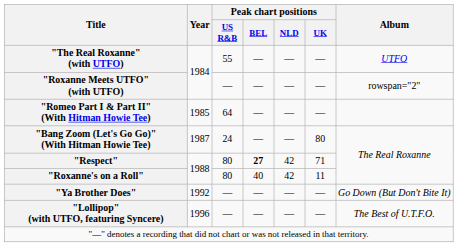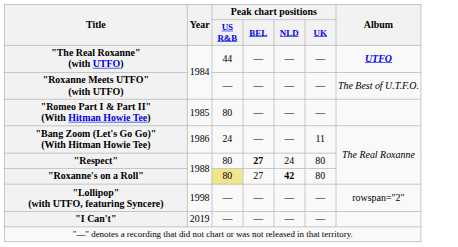 <table class="wikitable plainrowheaders" style="text-align:center;" border="1">
 <tr>
 <th scope="col" rowspan="2" style="width:18em;">Title</th>
 <th scope="col" rowspan="2">Year</th>
 <th scope="col" colspan="4">Peak chart positions</th>
 <th scope="col" rowspan="2">Album</th>
 </tr>
 <tr>
 <th scope="col" style="width:3em;font-size:90%;"><a href='#'>US R&B</a><br></th>
 <th scope="col" style="width:3em;font-size:90%;"><a href='#'>BEL</a><br></th>
 <th scope="col" style="width:3em;font-size:90%;"><a href='#'>NLD</a><br></th>
 <th scope="col" style="width:3em;font-size:90%;"><a href='#'>UK</a><br></th>
 </tr>
 <tr>
 <th scope="row">"The Real Roxanne"<br><span>(with <a href='#'>UTFO</a>)</span></th>
 <td rowspan="2">1984</td>
-<td align="center">55</td>
+<td align="center">44</td>
 <td align="center">—</td>
 <td align="center">—</td>
 <td align="center">—</td>
-<td><em><a href='#'>UTFO</a></em></td>
+<td><strong><em><a href='#'>UTFO</a></em></strong></td>
 </tr>
 <tr>
 <th scope="row">"Roxanne Meets UTFO"<br><span>(with UTFO)</span></th>
 <td align="center">—</td>
 <td align="center">—</td>
 <td align="center">—</td>
 <td align="center">—</td>
-<td>rowspan="2" </td>
+<td><em>The Best of U.T.F.O.</em></td>
 </tr>
 <tr>
 <th scope="row">"Romeo Part I & Part II"<br><span>(With <a href='#'>Hitman Howie Tee</a>)</span></th>
 <td>1985</td>
-<td align="center">64</td>
+<td align="center">80</td>
 <td align="center">—</td>
 <td align="center">—</td>
 <td align="center">—</td>
 </tr>
 <tr>
 <th scope="row">"Bang Zoom (Let's Go Go)"<br><span>(With Hitman Howie Tee)</span></th>
-<td>1987</td>
+<td>1986</td>
 <td align="center">24</td>
 <td align="center">—</td>
 <td align="center">—</td>
-<td align="center">80</td>
+<td align="center">11</td>
 <td rowspan="3"><em>The Real Roxanne</em></td>
 </tr>
 <tr>
 <th scope="row">"Respect"</th>
 <td rowspan="2">1988</td>
 <td align="center">80</td>
 <td align="center"><strong>27</strong></td>
-<td align="center">42</td>
-<td align="center">71</td>
+<td align="center">24</td>
+<td align="center">80</td>
 </tr>
 <tr>
 <th scope="row">"Roxanne's on a Roll"</th>
+<td align="center" style="background: khaki;">80</td>
+<td align="center">27</td>
+<td align="center"><strong>42</strong></td>
 <td align="center">80</td>
-<td align="center">40</td>
-<td align="center">42</td>
-<td align="center">11</td>
 </tr>
 <tr>
-<th scope="row">"Ya Brother Does"</th>
-<td>1992</td>
+<th scope="row">"Lollipop"<br><span>(with UTFO, featuring Syncere)</span></th>
+<td>1998</td>
 <td align="center">—</td>
 <td align="center">—</td>
 <td align="center">—</td>
 <td align="center">—</td>
-<td><em>Go Down (But Don't Bite It)</em></td>
+<td>rowspan="2" </td>
 </tr>
 <tr>
-<th scope="row">"Lollipop"<br><span>(with UTFO, featuring Syncere)</span></th>
-<td>1996</td>
+<th scope="row">"I Can't"</th>
+<td>2019</td>
 <td align="center">—</td>
 <td align="center">—</td>
 <td align="center">—</td>
 <td align="center">—</td>
-<td><em>The Best of U.T.F.O.</em></td>
+<td></td>
 </tr>
 <tr>
 <td colspan="7" style="font-size:90%">"—" denotes a recording that did not chart or was not released in that territory.</td>
 </tr>
 </table>
